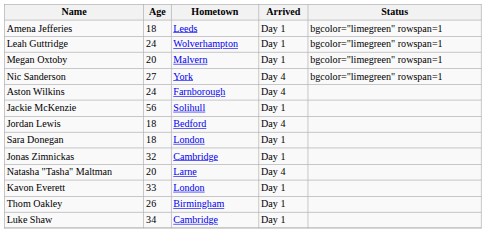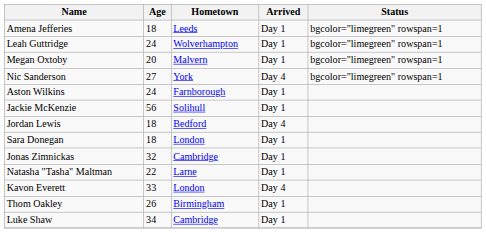 <table class="wikitable sortable" style="width: 60%">
 <tr>
 <th style="text-align:center">Name</th>
 <th style="text-align:center">Age</th>
 <th style="text-align:center">Hometown</th>
 <th style="text-align:center">Arrived</th>
 <th style="text-align:center">Status</th>
 </tr>
 <tr>
 <td>Amena Jefferies</td>
 <td>18</td>
 <td><a href='#'>Leeds</a></td>
 <td>Day 1</td>
 <td>bgcolor="limegreen" rowspan=1 </td>
 </tr>
 <tr>
 <td>Leah Guttridge</td>
 <td>24</td>
 <td><a href='#'>Wolverhampton</a></td>
 <td>Day 1</td>
 <td>bgcolor="limegreen" rowspan=1 </td>
 </tr>
 <tr>
 <td>Megan Oxtoby</td>
 <td>20</td>
 <td><a href='#'>Malvern</a></td>
 <td>Day 1</td>
 <td>bgcolor="limegreen" rowspan=1 </td>
 </tr>
 <tr>
 <td>Nic Sanderson</td>
 <td>27</td>
 <td><a href='#'>York</a></td>
 <td>Day 4</td>
 <td>bgcolor="limegreen" rowspan=1 </td>
 </tr>
 <tr>
 <td>Aston Wilkins</td>
 <td>24</td>
 <td><a href='#'>Farnborough</a></td>
-<td>Day 4</td>
+<td>Day 1</td>
 <td></td>
 </tr>
 <tr>
 <td>Jackie McKenzie</td>
 <td>56</td>
 <td><a href='#'>Solihull</a></td>
 <td>Day 1</td>
 <td></td>
 </tr>
 <tr>
 <td>Jordan Lewis</td>
 <td>18</td>
 <td><a href='#'>Bedford</a></td>
 <td>Day 4</td>
 <td></td>
 </tr>
 <tr>
 <td>Sara Donegan</td>
 <td>18</td>
 <td><a href='#'>London</a></td>
 <td>Day 1</td>
 <td></td>
 </tr>
 <tr>
 <td>Jonas Zimnickas</td>
 <td>32</td>
 <td><a href='#'>Cambridge</a></td>
 <td>Day 1</td>
 <td></td>
 </tr>
 <tr>
 <td>Natasha "Tasha" Maltman</td>
-<td>20</td>
+<td>22</td>
 <td><a href='#'>Larne</a></td>
-<td>Day 4</td>
+<td>Day 1</td>
 <td></td>
 </tr>
 <tr>
 <td>Kavon Everett</td>
 <td>33</td>
 <td><a href='#'>London</a></td>
-<td>Day 1</td>
+<td>Day 4</td>
 <td></td>
 </tr>
 <tr>
 <td>Thom Oakley</td>
 <td>26</td>
 <td><a href='#'>Birmingham</a></td>
 <td>Day 1</td>
 <td></td>
 </tr>
 <tr>
 <td>Luke Shaw</td>
 <td>34</td>
 <td><a href='#'>Cambridge</a></td>
 <td>Day 1</td>
 <td></td>
 </tr>
 <tr>
 </tr>
 </table>
